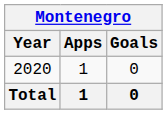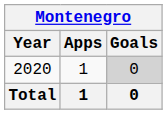 <table class="wikitable" style="text-align:center">
 <tr>
 <th colspan=3><a href='#'>Montenegro</a></th>
 </tr>
 <tr>
 <th>Year</th>
 <th>Apps</th>
 <th>Goals</th>
 </tr>
 <tr>
 <td>2020</td>
 <td>1</td>
-<td>0</td>
+<td style="background: lightgrey;">0</td>
 </tr>
 <tr>
 <th>Total</th>
 <th>1</th>
 <th>0</th>
 </tr>
 </table>
